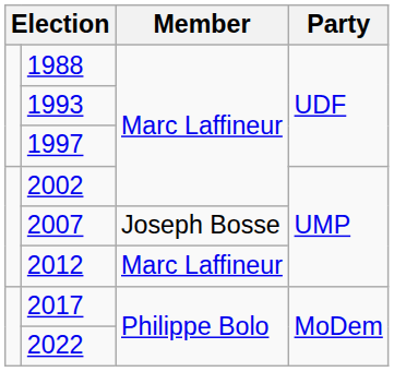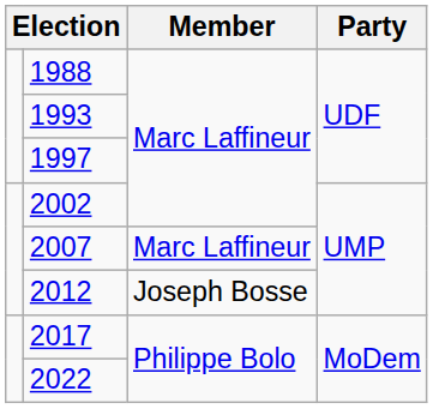 <table class="wikitable">
 <tr>
 <th colspan=2>Election</th>
 <th>Member</th>
 <th>Party</th>
 </tr>
 <tr>
 <td rowspan="3" style="background-color: "></td>
 <td><a href='#'>1988</a></td>
 <td rowspan="4"><a href='#'>Marc Laffineur</a></td>
 <td rowspan="3"><a href='#'>UDF</a></td>
 </tr>
 <tr>
 <td><a href='#'>1993</a></td>
 </tr>
 <tr>
 <td><a href='#'>1997</a></td>
 </tr>
 <tr>
 <td rowspan="3" style="background-color: "></td>
 <td><a href='#'>2002</a></td>
 <td rowspan="3"><a href='#'>UMP</a></td>
 </tr>
 <tr>
 <td><a href='#'>2007</a></td>
-<td>Joseph Bosse</td>
+<td><a href='#'>Marc Laffineur</a></td>
 </tr>
 <tr>
 <td><a href='#'>2012</a></td>
-<td><a href='#'>Marc Laffineur</a></td>
+<td>Joseph Bosse</td>
 </tr>
 <tr>
 <td rowspan="2" style="background-color: "></td>
 <td><a href='#'>2017</a></td>
 <td rowspan="2"><a href='#'>Philippe Bolo</a></td>
 <td rowspan="2"><a href='#'>MoDem</a></td>
 </tr>
 <tr>
 <td><a href='#'>2022</a></td>
 </tr>
 </table>
